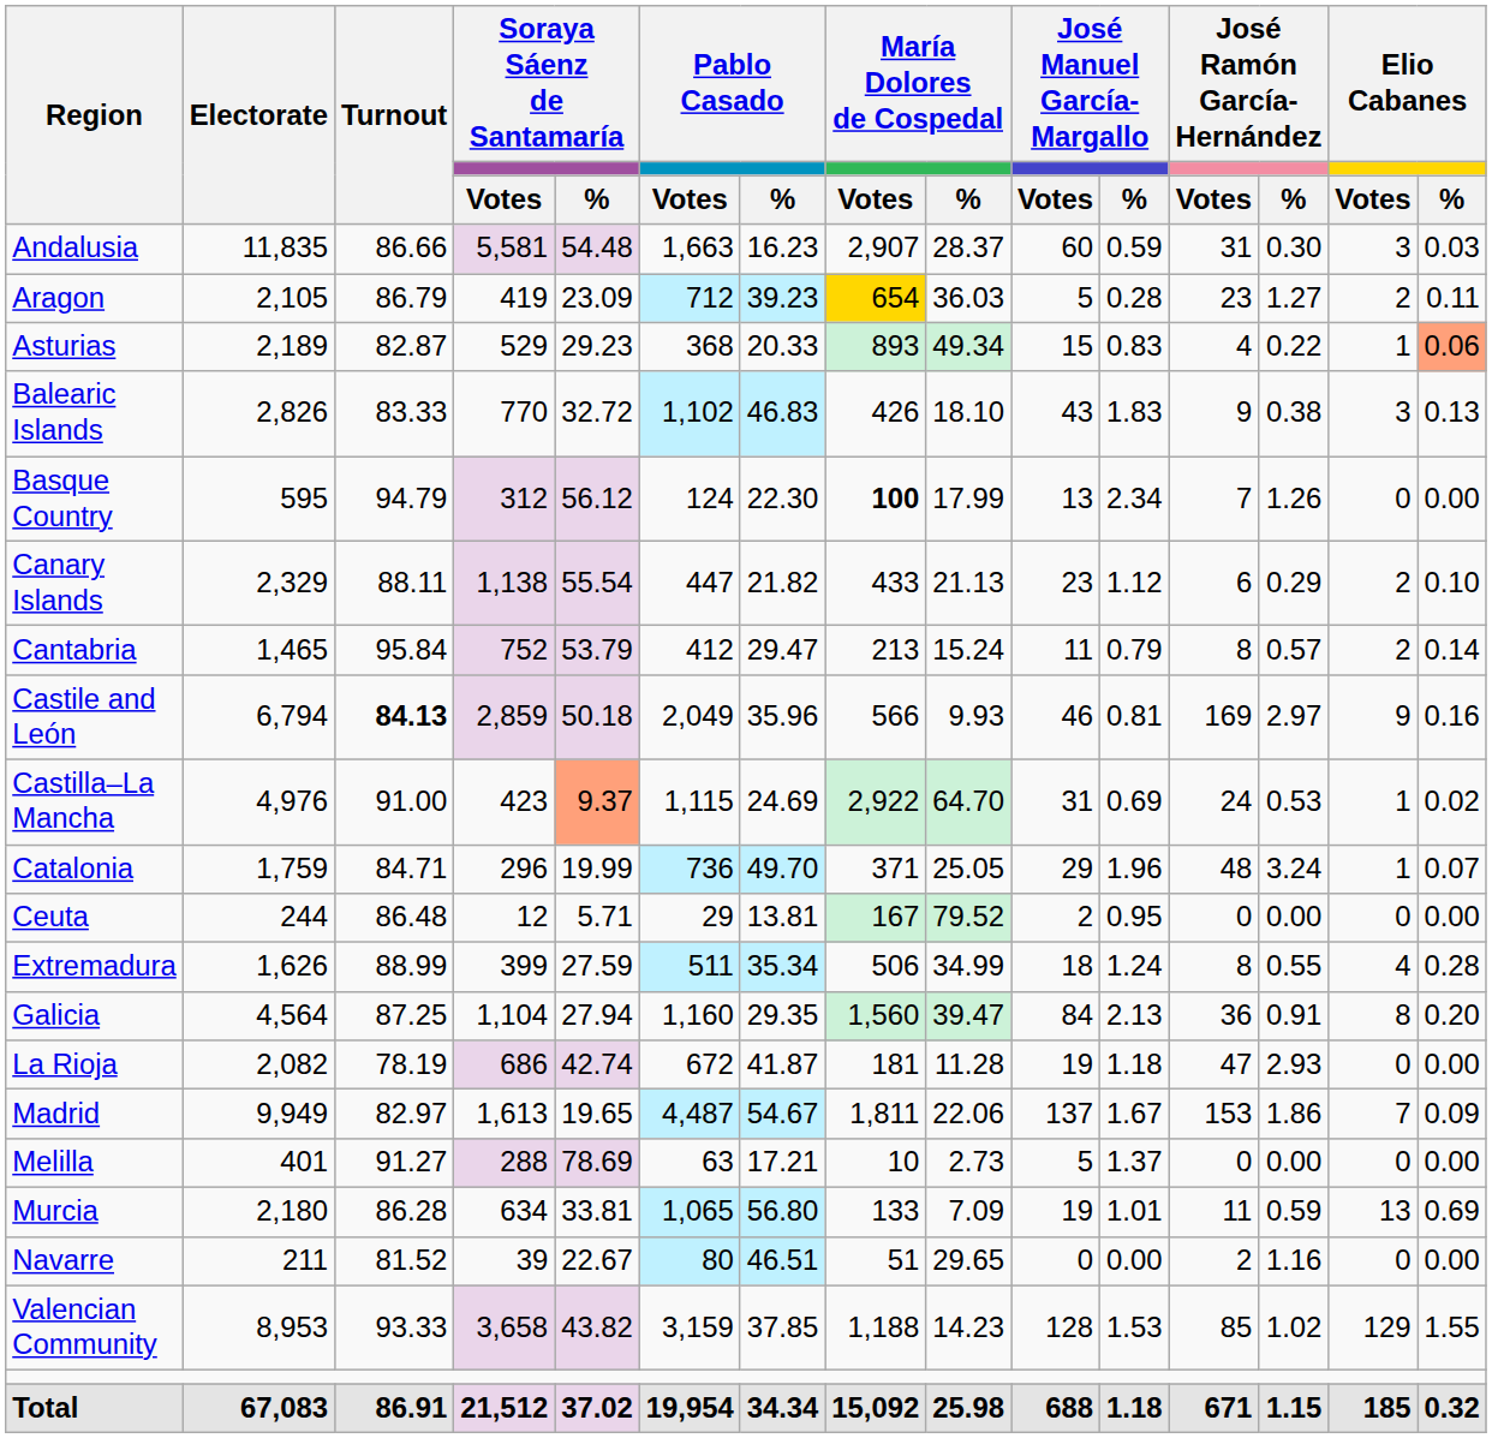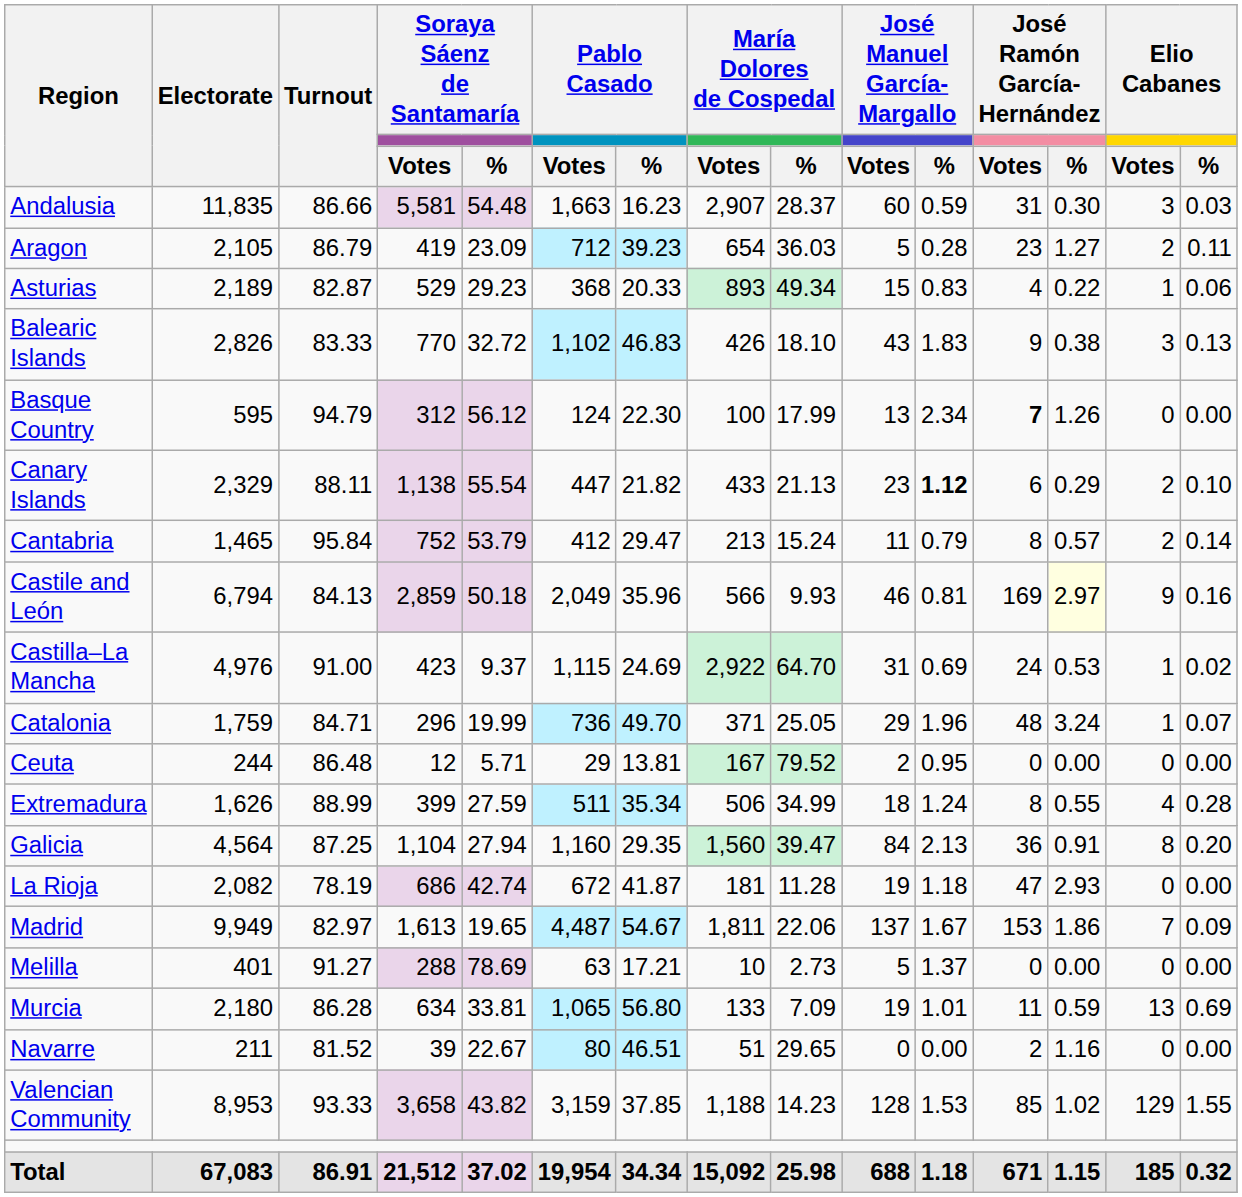 <table class="wikitable sortable" style="text-align:right; line-height:20px;">
 <tr>
 <th width="150" rowspan="3">Region</th>
 <th rowspan="3">Electorate</th>
 <th rowspan="3">Turnout</th>
 <th colspan="2" width="110" class="unsortable"><a href='#'>Soraya Sáenz<br>de Santamaría</a></th>
 <th colspan="2" width="110" class="unsortable"><a href='#'>Pablo<br>Casado</a></th>
 <th colspan="2" width="110" class="unsortable"><a href='#'>María Dolores<br>de Cospedal</a></th>
 <th colspan="2" width="110" class="unsortable"><a href='#'>José Manuel<br>García-Margallo</a></th>
 <th colspan="2" width="110" class="unsortable">José Ramón<br>García-<br>Hernández</th>
 <th colspan="2" width="110" class="unsortable">Elio<br>Cabanes</th>
 </tr>
 <tr>
 <th colspan="2" style="color:inherit;background:#9F4F9F;"></th>
 <th colspan="2" style="color:inherit;background:#0093BF;"></th>
 <th colspan="2" style="color:inherit;background:#30B858;"></th>
 <th colspan="2" style="color:inherit;background:#4444CA;"></th>
 <th colspan="2" style="color:inherit;background:#F38DA3;"></th>
 <th colspan="2" style="color:inherit;background:#FFD700;"></th>
 </tr>
 <tr>
 <th data-sort-type="number">Votes</th>
 <th data-sort-type="number">%</th>
 <th data-sort-type="number">Votes</th>
 <th data-sort-type="number">%</th>
 <th data-sort-type="number">Votes</th>
 <th data-sort-type="number">%</th>
 <th data-sort-type="number">Votes</th>
 <th data-sort-type="number">%</th>
 <th data-sort-type="number">Votes</th>
 <th data-sort-type="number">%</th>
 <th data-sort-type="number">Votes</th>
 <th data-sort-type="number">%</th>
 </tr>
 <tr>
 <td align="left"><a href='#'>Andalusia</a></td>
 <td>11,835</td>
 <td>86.66</td>
 <td style="color:inherit;background:#EAD5EA;">5,581</td>
 <td style="color:inherit;background:#EAD5EA;">54.48</td>
 <td>1,663</td>
 <td>16.23</td>
 <td>2,907</td>
 <td>28.37</td>
 <td>60</td>
 <td>0.59</td>
 <td>31</td>
 <td>0.30</td>
 <td>3</td>
 <td>0.03</td>
 </tr>
 <tr>
 <td align="left"><a href='#'>Aragon</a></td>
 <td>2,105</td>
 <td>86.79</td>
 <td>419</td>
 <td>23.09</td>
 <td style="color:inherit;background:#BFF1FF;">712</td>
 <td style="color:inherit;background:#BFF1FF;">39.23</td>
-<td style="background: gold;">654</td>
+<td>654</td>
 <td>36.03</td>
 <td>5</td>
 <td>0.28</td>
 <td>23</td>
 <td>1.27</td>
 <td>2</td>
 <td>0.11</td>
 </tr>
 <tr>
 <td align="left"><a href='#'>Asturias</a></td>
 <td>2,189</td>
 <td>82.87</td>
 <td>529</td>
 <td>29.23</td>
 <td>368</td>
 <td>20.33</td>
 <td style="color:inherit;background:#CCF2D8;">893</td>
 <td style="color:inherit;background:#CCF2D8;">49.34</td>
 <td>15</td>
 <td>0.83</td>
 <td>4</td>
 <td>0.22</td>
 <td>1</td>
-<td style="background: lightsalmon;">0.06</td>
+<td>0.06</td>
 </tr>
 <tr>
 <td align="left"><a href='#'>Balearic Islands</a></td>
 <td>2,826</td>
 <td>83.33</td>
 <td>770</td>
 <td>32.72</td>
 <td style="color:inherit;background:#BFF1FF;">1,102</td>
 <td style="color:inherit;background:#BFF1FF;">46.83</td>
 <td>426</td>
 <td>18.10</td>
 <td>43</td>
 <td>1.83</td>
 <td>9</td>
 <td>0.38</td>
 <td>3</td>
 <td>0.13</td>
 </tr>
 <tr>
 <td align="left"><a href='#'>Basque Country</a></td>
 <td>595</td>
 <td>94.79</td>
 <td style="color:inherit;background:#EAD5EA;">312</td>
 <td style="color:inherit;background:#EAD5EA;">56.12</td>
 <td>124</td>
 <td>22.30</td>
-<td><strong>100</strong></td>
+<td>100</td>
 <td>17.99</td>
 <td>13</td>
 <td>2.34</td>
-<td>7</td>
+<td><strong>7</strong></td>
 <td>1.26</td>
 <td>0</td>
 <td>0.00</td>
 </tr>
 <tr>
 <td align="left"><a href='#'>Canary Islands</a></td>
 <td>2,329</td>
 <td>88.11</td>
 <td style="color:inherit;background:#EAD5EA;">1,138</td>
 <td style="color:inherit;background:#EAD5EA;">55.54</td>
 <td>447</td>
 <td>21.82</td>
 <td>433</td>
 <td>21.13</td>
 <td>23</td>
-<td>1.12</td>
+<td><strong>1.12</strong></td>
 <td>6</td>
 <td>0.29</td>
 <td>2</td>
 <td>0.10</td>
 </tr>
 <tr>
 <td align="left"><a href='#'>Cantabria</a></td>
 <td>1,465</td>
 <td>95.84</td>
 <td style="color:inherit;background:#EAD5EA;">752</td>
 <td style="color:inherit;background:#EAD5EA;">53.79</td>
 <td>412</td>
 <td>29.47</td>
 <td>213</td>
 <td>15.24</td>
 <td>11</td>
 <td>0.79</td>
 <td>8</td>
 <td>0.57</td>
 <td>2</td>
 <td>0.14</td>
 </tr>
 <tr>
 <td align="left"><a href='#'>Castile and León</a></td>
 <td>6,794</td>
-<td><strong>84.13</strong></td>
+<td>84.13</td>
 <td style="color:inherit;background:#EAD5EA;">2,859</td>
 <td style="color:inherit;background:#EAD5EA;">50.18</td>
 <td>2,049</td>
 <td>35.96</td>
 <td>566</td>
 <td>9.93</td>
 <td>46</td>
 <td>0.81</td>
 <td>169</td>
-<td>2.97</td>
+<td style="background: lightyellow;">2.97</td>
 <td>9</td>
 <td>0.16</td>
 </tr>
 <tr>
 <td align="left"><a href='#'>Castilla–La Mancha</a></td>
 <td>4,976</td>
 <td>91.00</td>
 <td>423</td>
-<td style="background: lightsalmon;">9.37</td>
+<td>9.37</td>
 <td>1,115</td>
 <td>24.69</td>
 <td style="color:inherit;background:#CCF2D8;">2,922</td>
 <td style="color:inherit;background:#CCF2D8;">64.70</td>
 <td>31</td>
 <td>0.69</td>
 <td>24</td>
 <td>0.53</td>
 <td>1</td>
 <td>0.02</td>
 </tr>
 <tr>
 <td align="left"><a href='#'>Catalonia</a></td>
 <td>1,759</td>
 <td>84.71</td>
 <td>296</td>
 <td>19.99</td>
 <td style="color:inherit;background:#BFF1FF;">736</td>
 <td style="color:inherit;background:#BFF1FF;">49.70</td>
 <td>371</td>
 <td>25.05</td>
 <td>29</td>
 <td>1.96</td>
 <td>48</td>
 <td>3.24</td>
 <td>1</td>
 <td>0.07</td>
 </tr>
 <tr>
 <td align="left"><a href='#'>Ceuta</a></td>
 <td>244</td>
 <td>86.48</td>
 <td>12</td>
 <td>5.71</td>
 <td>29</td>
 <td>13.81</td>
 <td style="color:inherit;background:#CCF2D8;">167</td>
 <td style="color:inherit;background:#CCF2D8;">79.52</td>
 <td>2</td>
 <td>0.95</td>
 <td>0</td>
 <td>0.00</td>
 <td>0</td>
 <td>0.00</td>
 </tr>
 <tr>
 <td align="left"><a href='#'>Extremadura</a></td>
 <td>1,626</td>
 <td>88.99</td>
 <td>399</td>
 <td>27.59</td>
 <td style="color:inherit;background:#BFF1FF;">511</td>
 <td style="color:inherit;background:#BFF1FF;">35.34</td>
 <td>506</td>
 <td>34.99</td>
 <td>18</td>
 <td>1.24</td>
 <td>8</td>
 <td>0.55</td>
 <td>4</td>
 <td>0.28</td>
 </tr>
 <tr>
 <td align="left"><a href='#'>Galicia</a></td>
 <td>4,564</td>
 <td>87.25</td>
 <td>1,104</td>
 <td>27.94</td>
 <td>1,160</td>
 <td>29.35</td>
 <td style="color:inherit;background:#CCF2D8;">1,560</td>
 <td style="color:inherit;background:#CCF2D8;">39.47</td>
 <td>84</td>
 <td>2.13</td>
 <td>36</td>
 <td>0.91</td>
 <td>8</td>
 <td>0.20</td>
 </tr>
 <tr>
 <td align="left"><a href='#'>La Rioja</a></td>
 <td>2,082</td>
 <td>78.19</td>
 <td style="color:inherit;background:#EAD5EA;">686</td>
 <td style="color:inherit;background:#EAD5EA;">42.74</td>
 <td>672</td>
 <td>41.87</td>
 <td>181</td>
 <td>11.28</td>
 <td>19</td>
 <td>1.18</td>
 <td>47</td>
 <td>2.93</td>
 <td>0</td>
 <td>0.00</td>
 </tr>
 <tr>
 <td align="left"><a href='#'>Madrid</a></td>
 <td>9,949</td>
 <td>82.97</td>
 <td>1,613</td>
 <td>19.65</td>
 <td style="color:inherit;background:#BFF1FF;">4,487</td>
 <td style="color:inherit;background:#BFF1FF;">54.67</td>
 <td>1,811</td>
 <td>22.06</td>
 <td>137</td>
 <td>1.67</td>
 <td>153</td>
 <td>1.86</td>
 <td>7</td>
 <td>0.09</td>
 </tr>
 <tr>
 <td align="left"><a href='#'>Melilla</a></td>
 <td>401</td>
 <td>91.27</td>
 <td style="color:inherit;background:#EAD5EA;">288</td>
 <td style="color:inherit;background:#EAD5EA;">78.69</td>
 <td>63</td>
 <td>17.21</td>
 <td>10</td>
 <td>2.73</td>
 <td>5</td>
 <td>1.37</td>
 <td>0</td>
 <td>0.00</td>
 <td>0</td>
 <td>0.00</td>
 </tr>
 <tr>
 <td align="left"><a href='#'>Murcia</a></td>
 <td>2,180</td>
 <td>86.28</td>
 <td>634</td>
 <td>33.81</td>
 <td style="color:inherit;background:#BFF1FF;">1,065</td>
 <td style="color:inherit;background:#BFF1FF;">56.80</td>
 <td>133</td>
 <td>7.09</td>
 <td>19</td>
 <td>1.01</td>
 <td>11</td>
 <td>0.59</td>
 <td>13</td>
 <td>0.69</td>
 </tr>
 <tr>
 <td align="left"><a href='#'>Navarre</a></td>
 <td>211</td>
 <td>81.52</td>
 <td>39</td>
 <td>22.67</td>
 <td style="color:inherit;background:#BFF1FF;">80</td>
 <td style="color:inherit;background:#BFF1FF;">46.51</td>
 <td>51</td>
 <td>29.65</td>
 <td>0</td>
 <td>0.00</td>
 <td>2</td>
 <td>1.16</td>
 <td>0</td>
 <td>0.00</td>
 </tr>
 <tr>
 <td align="left"><a href='#'>Valencian Community</a></td>
 <td>8,953</td>
 <td>93.33</td>
 <td style="color:inherit;background:#EAD5EA;">3,658</td>
 <td style="color:inherit;background:#EAD5EA;">43.82</td>
 <td>3,159</td>
 <td>37.85</td>
 <td>1,188</td>
 <td>14.23</td>
 <td>128</td>
 <td>1.53</td>
 <td>85</td>
 <td>1.02</td>
 <td>129</td>
 <td>1.55</td>
 </tr>
 <tr>
 <td colspan="15"></td>
 </tr>
 <tr style="font-weight:bold; background:#E4E4E4;">
 <td align="left">Total</td>
 <td>67,083</td>
 <td>86.91</td>
 <td style="color:inherit;background:#EAD5EA;">21,512</td>
 <td style="color:inherit;background:#EAD5EA;">37.02</td>
 <td>19,954</td>
 <td>34.34</td>
 <td>15,092</td>
 <td>25.98</td>
 <td>688</td>
 <td>1.18</td>
 <td>671</td>
 <td>1.15</td>
 <td>185</td>
 <td>0.32</td>
 </tr>
 </table>
